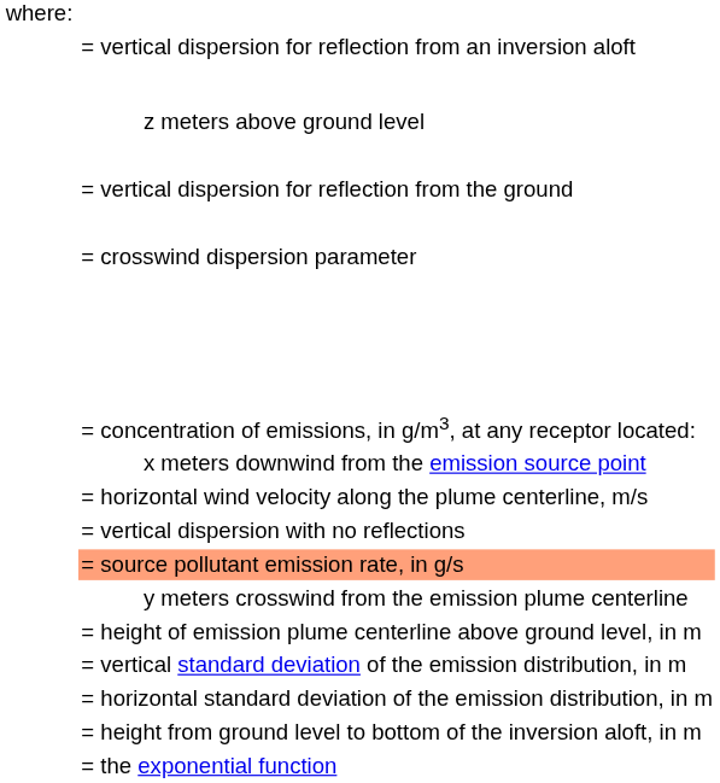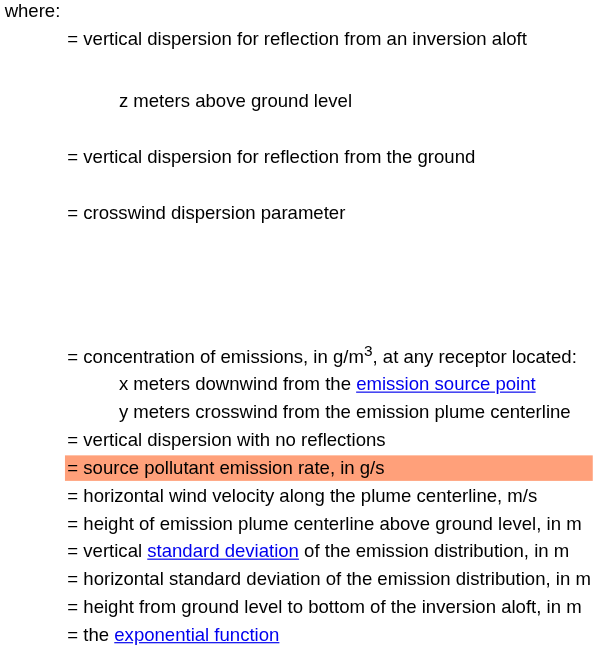 <table border="0" cellpadding="2">
 <tr>
 <td align=right>where:</td>
 <td> </td>
 </tr>
 <tr>
 <th align=right></th>
 <td align=left>= vertical dispersion for reflection from an inversion aloft</td>
 </tr>
 <tr>
 <th align=right> </th>
 <td align=left></td>
 </tr>
 <tr>
 <th align=right></th>
 <td align=left></td>
 </tr>
 <tr>
 <th align=right></th>
 <td align=left>          z meters above ground level</td>
 </tr>
 <tr>
 <th align=right> </th>
 <td align=left></td>
 </tr>
 <tr>
 <th align=right></th>
 <td align=left>= vertical dispersion for reflection from the ground</td>
 </tr>
 <tr>
 <th align=right> </th>
 <td align=left></td>
 </tr>
 <tr>
 <th align=right></th>
 <td align=left>= crosswind dispersion parameter</td>
 </tr>
 <tr>
 <th align=right> </th>
 <td align=left></td>
 </tr>
 <tr>
 <th align=right> </th>
 <td align=left>         </td>
 </tr>
 <tr>
 <th align=right> </th>
 <td align=left>         </td>
 </tr>
 <tr>
 <th align=right> </th>
 <td align=left>         </td>
 </tr>
 <tr>
 <th align=right></th>
 <td align=left>= concentration of emissions, in g/m<sup>3</sup>, at any receptor located:</td>
 </tr>
 <tr>
 <th align=right> </th>
 <td align=left>          x meters downwind from the <a href='#'>emission source point</a></td>
 </tr>
 <tr>
 <th align=right> </th>
-<td align=left>= horizontal wind velocity along the plume centerline, m/s</td>
+<td align=left>          y meters crosswind from the emission plume centerline</td>
 </tr>
 <tr>
 <th align=right> </th>
 <td align=left>= vertical dispersion with no reflections</td>
 </tr>
 <tr>
 <th align=right></th>
 <td align=left style="background: lightsalmon;">= source pollutant emission rate, in g/s</td>
 </tr>
 <tr>
 <th align=right></th>
-<td align=left>          y meters crosswind from the emission plume centerline</td>
+<td align=left>= horizontal wind velocity along the plume centerline, m/s</td>
 </tr>
 <tr>
 <th align=right></th>
 <td align=left>= height of emission plume centerline above ground level, in m</td>
 </tr>
 <tr>
 <th align=right></th>
 <td align=left>= vertical <a href='#'>standard deviation</a> of the emission distribution, in m</td>
 </tr>
 <tr>
 <th align=right></th>
 <td align=left>= horizontal standard deviation of the emission distribution, in m</td>
 </tr>
 <tr>
 <th align=right></th>
 <td align=left>= height from ground level to bottom of the inversion aloft, in m</td>
 </tr>
 <tr>
 <th align=right></th>
 <td align=left>= the <a href='#'>exponential function</a></td>
 </tr>
 </table>
